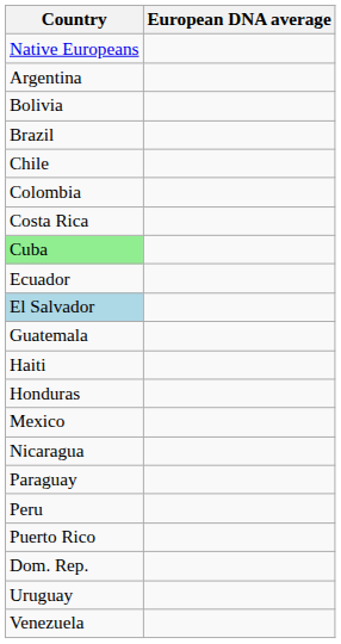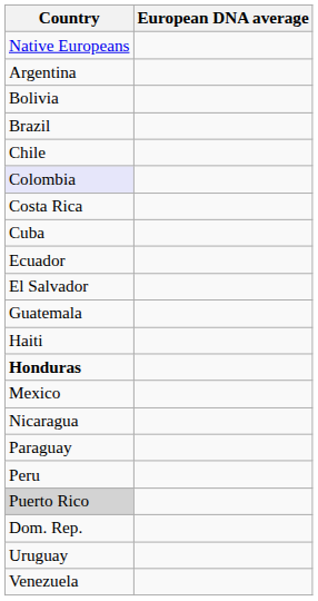 <table class="wikitable sortable">
 <tr>
 <th>Country</th>
 <th colspan="2">European DNA average</th>
 </tr>
 <tr>
 <td><a href='#'>Native Europeans</a></td>
 <td></td>
 </tr>
 <tr>
 <td>Argentina</td>
 <td></td>
 </tr>
 <tr>
 <td>Bolivia</td>
 <td></td>
 </tr>
 <tr>
 <td>Brazil</td>
 <td></td>
 </tr>
 <tr>
 <td>Chile</td>
 <td></td>
 </tr>
 <tr>
-<td>Colombia</td>
+<td style="background: lavender;">Colombia</td>
 <td></td>
 </tr>
 <tr>
 <td>Costa Rica</td>
 <td></td>
 </tr>
 <tr>
-<td style="background: lightgreen;">Cuba</td>
+<td>Cuba</td>
 <td></td>
 </tr>
 <tr>
 <td>Ecuador</td>
 <td></td>
 </tr>
 <tr>
-<td style="background: lightblue;">El Salvador</td>
+<td>El Salvador</td>
 <td></td>
 </tr>
 <tr>
 <td>Guatemala</td>
 <td></td>
 </tr>
 <tr>
 <td>Haiti</td>
 <td></td>
 </tr>
 <tr>
-<td>Honduras</td>
+<td><strong>Honduras</strong></td>
 <td></td>
 </tr>
 <tr>
 <td>Mexico</td>
 <td></td>
 </tr>
 <tr>
 <td>Nicaragua</td>
 <td></td>
 </tr>
 <tr>
 <td>Paraguay</td>
 <td></td>
 </tr>
 <tr>
 <td>Peru</td>
 <td></td>
 </tr>
 <tr>
-<td>Puerto Rico</td>
+<td style="background: lightgrey;">Puerto Rico</td>
 <td></td>
 </tr>
 <tr>
 <td>Dom. Rep.</td>
 <td></td>
 </tr>
 <tr>
 <td>Uruguay</td>
 <td></td>
 </tr>
 <tr>
 <td>Venezuela</td>
 <td></td>
 </tr>
 </table>
